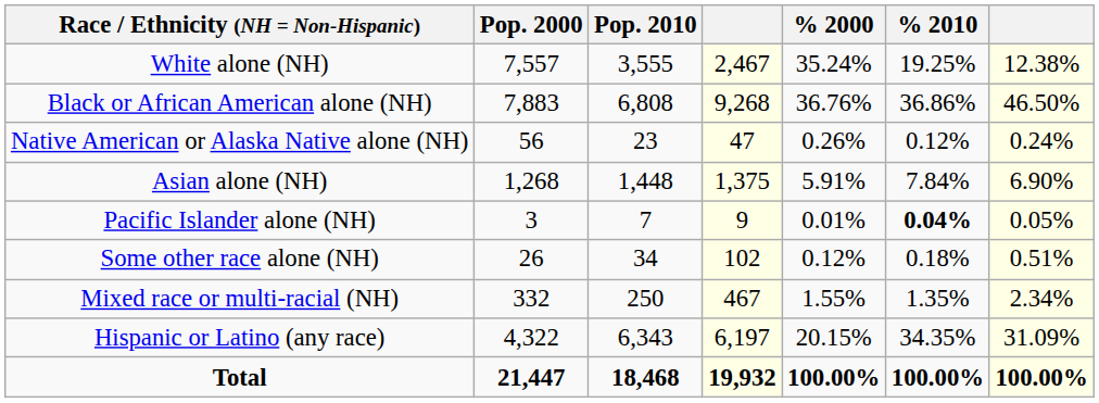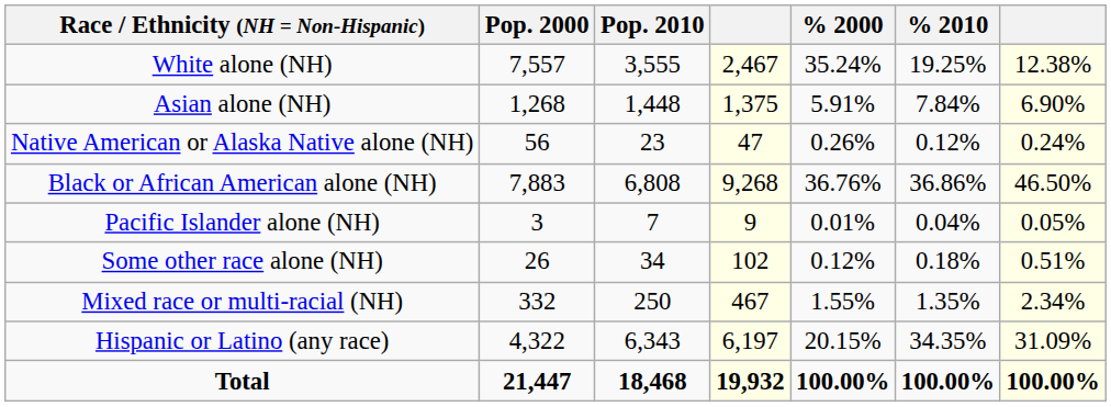 <table class="wikitable" style="text-align:center;">
 <tr>
 <th>Race / Ethnicity <small>(<em>NH = Non-Hispanic</em>)</small></th>
 <th>Pop. 2000</th>
 <th>Pop. 2010</th>
 <th></th>
 <th>% 2000</th>
 <th>% 2010</th>
 <th></th>
 </tr>
 <tr>
 <td><a href='#'>White</a> alone (NH)</td>
 <td>7,557</td>
 <td>3,555</td>
 <td style='background: #ffffe6;'>2,467</td>
 <td>35.24%</td>
 <td>19.25%</td>
 <td style='background: #ffffe6;'>12.38%</td>
 </tr>
 <tr>
-<td><a href='#'>Black or African American</a> alone (NH)</td>
-<td>7,883</td>
-<td>6,808</td>
-<td style='background: #ffffe6;'>9,268</td>
-<td>36.76%</td>
-<td>36.86%</td>
-<td style='background: #ffffe6;'>46.50%</td>
+<td><a href='#'>Asian</a> alone (NH)</td>
+<td>1,268</td>
+<td>1,448</td>
+<td style='background: #ffffe6;'>1,375</td>
+<td>5.91%</td>
+<td>7.84%</td>
+<td style='background: #ffffe6;'>6.90%</td>
 </tr>
 <tr>
 <td><a href='#'>Native American</a> or <a href='#'>Alaska Native</a> alone (NH)</td>
 <td>56</td>
 <td>23</td>
 <td style='background: #ffffe6;'>47</td>
 <td>0.26%</td>
 <td>0.12%</td>
 <td style='background: #ffffe6;'>0.24%</td>
 </tr>
 <tr>
-<td><a href='#'>Asian</a> alone (NH)</td>
-<td>1,268</td>
-<td>1,448</td>
-<td style='background: #ffffe6;'>1,375</td>
-<td>5.91%</td>
-<td>7.84%</td>
-<td style='background: #ffffe6;'>6.90%</td>
+<td><a href='#'>Black or African American</a> alone (NH)</td>
+<td>7,883</td>
+<td>6,808</td>
+<td style='background: #ffffe6;'>9,268</td>
+<td>36.76%</td>
+<td>36.86%</td>
+<td style='background: #ffffe6;'>46.50%</td>
 </tr>
 <tr>
 <td><a href='#'>Pacific Islander</a> alone (NH)</td>
 <td>3</td>
 <td>7</td>
 <td style='background: #ffffe6;'>9</td>
 <td>0.01%</td>
-<td><strong>0.04%</strong></td>
+<td>0.04%</td>
 <td style='background: #ffffe6;'>0.05%</td>
 </tr>
 <tr>
 <td><a href='#'>Some other race</a> alone (NH)</td>
 <td>26</td>
 <td>34</td>
 <td style='background: #ffffe6;'>102</td>
 <td>0.12%</td>
 <td>0.18%</td>
 <td style='background: #ffffe6;'>0.51%</td>
 </tr>
 <tr>
 <td><a href='#'>Mixed race or multi-racial</a> (NH)</td>
 <td>332</td>
 <td>250</td>
 <td style='background: #ffffe6;'>467</td>
 <td>1.55%</td>
 <td>1.35%</td>
 <td style='background: #ffffe6;'>2.34%</td>
 </tr>
 <tr>
 <td><a href='#'>Hispanic or Latino</a> (any race)</td>
 <td>4,322</td>
 <td>6,343</td>
 <td style='background: #ffffe6;'>6,197</td>
 <td>20.15%</td>
 <td>34.35%</td>
 <td style='background: #ffffe6;'>31.09%</td>
 </tr>
 <tr>
 <td><strong>Total</strong></td>
 <td><strong>21,447</strong></td>
 <td><strong>18,468</strong></td>
 <td style='background: #ffffe6;'><strong>19,932</strong></td>
 <td><strong>100.00%</strong></td>
 <td><strong>100.00%</strong></td>
 <td style='background: #ffffe6;'><strong>100.00%</strong></td>
 </tr>
 </table>
